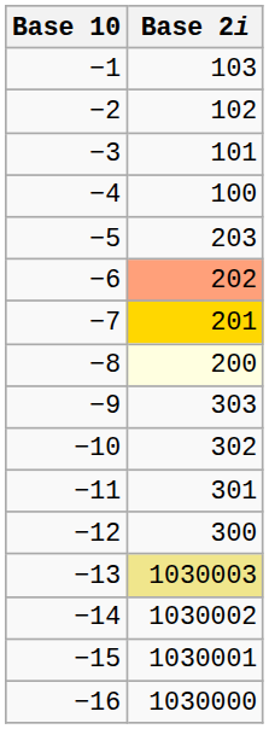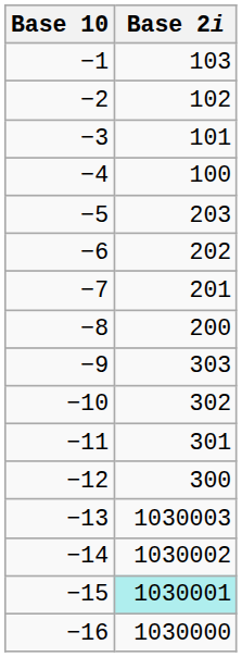 <table class="wikitable" style="text-align:right">
 <tr>
 <th>Base 10</th>
 <th>Base 2<em>i</em></th>
 </tr>
 <tr>
 <td>−1</td>
 <td><em> </em>103</td>
 </tr>
 <tr>
 <td>−2</td>
 <td><em> </em>102</td>
 </tr>
 <tr>
 <td>−3</td>
 <td><em> </em>101</td>
 </tr>
 <tr>
 <td>−4</td>
 <td><em> </em>100</td>
 </tr>
 <tr>
 <td>−5</td>
 <td><em> </em>203</td>
 </tr>
 <tr>
 <td>−6</td>
-<td style="background: lightsalmon;"><em> </em>202</td>
+<td><em> </em>202</td>
 </tr>
 <tr>
 <td>−7</td>
-<td style="background: gold;"><em> </em>201</td>
+<td><em> </em>201</td>
 </tr>
 <tr>
 <td>−8</td>
-<td style="background: lightyellow;"><em> </em>200</td>
+<td><em> </em>200</td>
 </tr>
 <tr>
 <td>−9</td>
 <td><em> </em>303</td>
 </tr>
 <tr>
 <td>−10</td>
 <td><em> </em>302</td>
 </tr>
 <tr>
 <td>−11</td>
 <td><em> </em>301</td>
 </tr>
 <tr>
 <td>−12</td>
 <td><em> </em>300</td>
 </tr>
 <tr>
 <td>−13</td>
-<td style="background: khaki;"><em> </em>1030003</td>
+<td><em> </em>1030003</td>
 </tr>
 <tr>
 <td>−14</td>
 <td><em> </em>1030002</td>
 </tr>
 <tr>
 <td>−15</td>
-<td><em> </em>1030001</td>
+<td style="background: paleturquoise;"><em> </em>1030001</td>
 </tr>
 <tr>
 <td>−16</td>
 <td><em> </em>1030000</td>
 </tr>
 </table>
